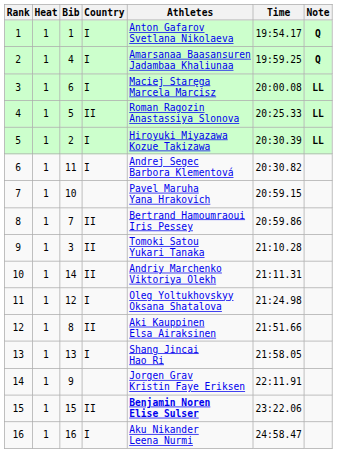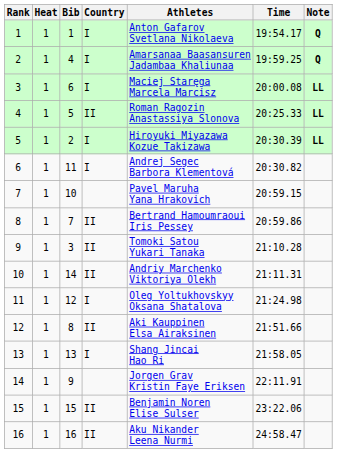 <table class="wikitable sortable" style="text-align:center">
 <tr>
 <th>Rank</th>
 <th>Heat</th>
 <th>Bib</th>
 <th>Country</th>
 <th>Athletes</th>
 <th>Time</th>
 <th>Note</th>
 </tr>
 <tr bgcolor=ccffcc>
 <td>1</td>
 <td>1</td>
 <td>1</td>
 <td align=left> I</td>
 <td align=left><a href='#'>Anton Gafarov</a><br><a href='#'>Svetlana Nikolaeva</a></td>
 <td>19:54.17</td>
 <td><strong>Q</strong></td>
 </tr>
 <tr bgcolor=ccffcc>
 <td>2</td>
 <td>1</td>
 <td>4</td>
 <td align=left> I</td>
 <td align=left><a href='#'>Amarsanaa Baasansuren</a><br><a href='#'>Jadambaa Khaliunaa</a></td>
 <td>19:59.25</td>
 <td><strong>Q</strong></td>
 </tr>
 <tr bgcolor=ccffcc>
 <td>3</td>
 <td>1</td>
 <td>6</td>
 <td align=left> I</td>
 <td align=left><a href='#'>Maciej Staręga</a><br><a href='#'>Marcela Marcisz</a></td>
 <td>20:00.08</td>
 <td><strong>LL</strong></td>
 </tr>
 <tr bgcolor=ccffcc>
 <td>4</td>
 <td>1</td>
 <td>5</td>
 <td align=left> II</td>
 <td align=left><a href='#'>Roman Ragozin</a><br><a href='#'>Anastassiya Slonova</a></td>
 <td>20:25.33</td>
 <td><strong>LL</strong></td>
 </tr>
 <tr bgcolor=ccffcc>
 <td>5</td>
 <td>1</td>
 <td>2</td>
 <td align=left> I</td>
 <td align=left><a href='#'>Hiroyuki Miyazawa</a><br><a href='#'>Kozue Takizawa</a></td>
 <td>20:30.39</td>
 <td><strong>LL</strong></td>
 </tr>
 <tr>
 <td>6</td>
 <td>1</td>
 <td>11</td>
 <td align=left> I</td>
 <td align=left><a href='#'>Andrej Segec</a><br><a href='#'>Barbora Klementová</a></td>
 <td>20:30.82</td>
 <td></td>
 </tr>
 <tr>
 <td>7</td>
 <td>1</td>
 <td>10</td>
 <td align=left></td>
 <td align=left><a href='#'>Pavel Maruha</a><br><a href='#'>Yana Hrakovich</a></td>
 <td>20:59.15</td>
 <td></td>
 </tr>
 <tr>
 <td>8</td>
 <td>1</td>
 <td>7</td>
 <td align=left> II</td>
 <td align=left><a href='#'>Bertrand Hamoumraoui</a><br><a href='#'>Iris Pessey</a></td>
 <td>20:59.86</td>
 <td></td>
 </tr>
 <tr>
 <td>9</td>
 <td>1</td>
 <td>3</td>
 <td align=left> II</td>
 <td align=left><a href='#'>Tomoki Satou</a><br><a href='#'>Yukari Tanaka</a></td>
 <td>21:10.28</td>
 <td></td>
 </tr>
 <tr>
 <td>10</td>
 <td>1</td>
 <td>14</td>
 <td align=left> II</td>
 <td align=left><a href='#'>Andriy Marchenko</a><br><a href='#'>Viktoriya Olekh</a></td>
 <td>21:11.31</td>
 <td></td>
 </tr>
 <tr>
 <td>11</td>
 <td>1</td>
 <td>12</td>
 <td align=left> I</td>
 <td align=left><a href='#'>Oleg Yoltukhovskyy</a><br><a href='#'>Oksana Shatalova</a></td>
 <td>21:24.98</td>
 <td></td>
 </tr>
 <tr>
 <td>12</td>
 <td>1</td>
 <td>8</td>
 <td align=left> II</td>
 <td align=left><a href='#'>Aki Kauppinen</a><br><a href='#'>Elsa Airaksinen</a></td>
 <td>21:51.66</td>
 <td></td>
 </tr>
 <tr>
 <td>13</td>
 <td>1</td>
 <td>13</td>
 <td align=left> I</td>
 <td align=left><a href='#'>Shang Jincai</a><br><a href='#'>Hao Ri</a></td>
 <td>21:58.05</td>
 <td></td>
 </tr>
 <tr>
 <td>14</td>
 <td>1</td>
 <td>9</td>
 <td align=left></td>
 <td align=left><a href='#'>Jorgen Grav</a><br><a href='#'>Kristin Faye Eriksen</a></td>
 <td>22:11.91</td>
 <td></td>
 </tr>
 <tr>
 <td>15</td>
 <td>1</td>
 <td>15</td>
 <td align=left> II</td>
-<td align=left><strong><a href='#'>Benjamin Noren</a><br><a href='#'>Elise Sulser</a></strong></td>
+<td align=left><a href='#'>Benjamin Noren</a><br><a href='#'>Elise Sulser</a></td>
 <td>23:22.06</td>
 <td></td>
 </tr>
 <tr>
 <td>16</td>
 <td>1</td>
 <td>16</td>
-<td align=left> I</td>
+<td align=left> II</td>
 <td align=left><a href='#'>Aku Nikander</a><br><a href='#'>Leena Nurmi</a></td>
 <td>24:58.47</td>
 <td></td>
 </tr>
 </table>
